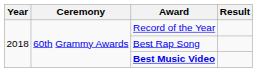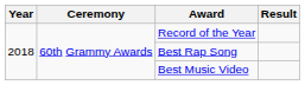 <table class="wikitable">
 <tr>
 <th>Year</th>
 <th>Ceremony</th>
 <th>Award</th>
 <th>Result</th>
 </tr>
 <tr>
 <td rowspan="3">2018</td>
 <td rowspan="3"><a href='#'>60th</a> <a href='#'>Grammy Awards</a></td>
 <td><a href='#'>Record of the Year</a></td>
 <td></td>
 </tr>
 <tr>
 <td><a href='#'>Best Rap Song</a></td>
 <td></td>
 </tr>
 <tr>
-<td><strong><a href='#'>Best Music Video</a></strong></td>
+<td><a href='#'>Best Music Video</a></td>
 <td></td>
 </tr>
 </table>
